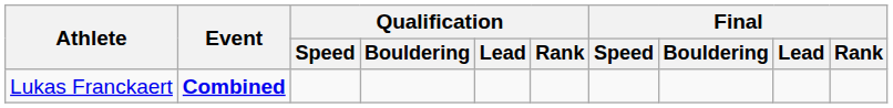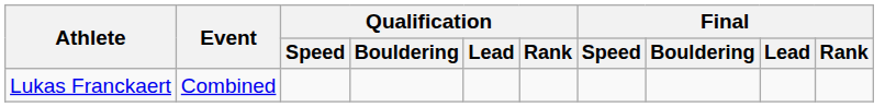 <table class="wikitable" style="font-size:90%;">
 <tr>
 <th rowspan=2>Athlete</th>
 <th rowspan=2>Event</th>
 <th colspan=4>Qualification</th>
 <th colspan=4>Final</th>
 </tr>
 <tr style="font-size:95%">
 <th>Speed</th>
 <th>Bouldering</th>
 <th>Lead</th>
 <th>Rank</th>
 <th>Speed</th>
 <th>Bouldering</th>
 <th>Lead</th>
 <th>Rank</th>
 </tr>
 <tr align=center>
 <td rowspan=2 align=left><a href='#'>Lukas Franckaert</a></td>
-<td align=left><strong><a href='#'>Combined</a></strong></td>
+<td align=left><a href='#'>Combined</a></td>
 <td></td>
 <td></td>
 <td></td>
 <td></td>
 <td></td>
 <td></td>
 <td></td>
 <td></td>
 </tr>
 </table>
